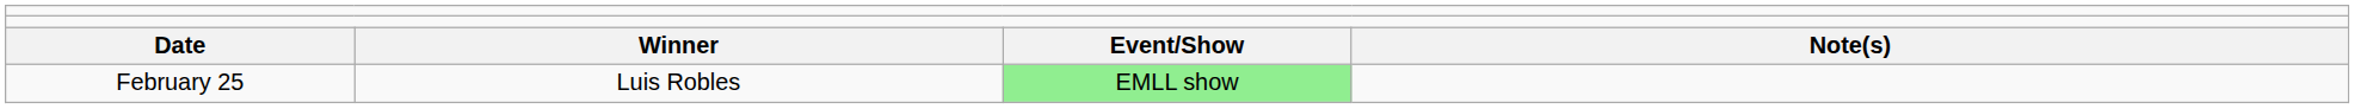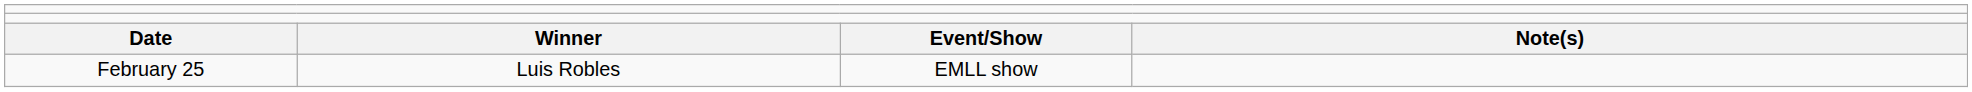 <table class="wikitable" style="text-align:center; width:100%;">
 <tr>
 <td colspan=5></td>
 </tr>
 <tr>
 <td colspan=5><strong></strong></td>
 </tr>
 <tr>
 <th width=14%>Date</th>
 <th width=26%>Winner</th>
 <th width=14%>Event/Show</th>
 <th width=40%>Note(s)</th>
 </tr>
 <tr>
 <td>February 25</td>
 <td>Luis Robles</td>
-<td style="background: lightgreen;">EMLL show</td>
+<td>EMLL show</td>
 <td align=left></td>
 </tr>
 </table>
